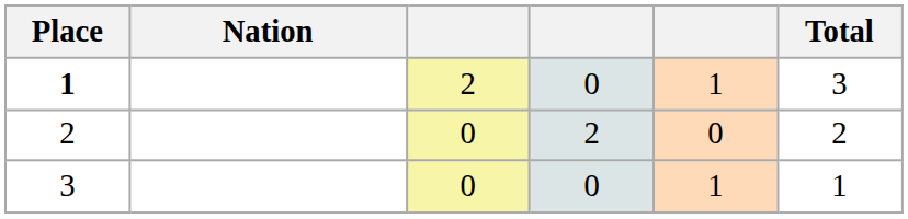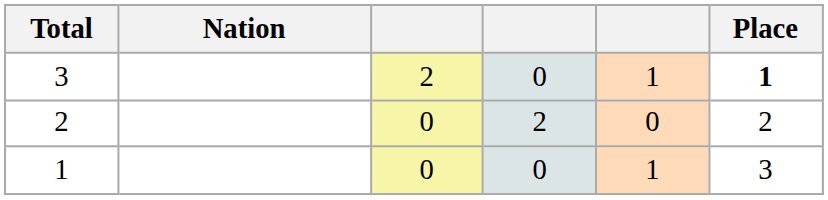 <table class=wikitable style="border:1px solid #AAAAAA;font-size:90%">
 <tr bgcolor="#EFEFEF">
-<th width=50>Place</th>
+<th width=50>Total</th>
 <th width=120>Nation</th>
 <th width=50></th>
 <th width=50></th>
 <th width=50></th>
-<th width=50>Total</th>
+<th width=50>Place</th>
 </tr>
 <tr align="center" valign="top" bgcolor="#FFFFFF">
-<td><strong>1</strong></td>
+<td>3</td>
 <td align="left"><strong></strong></td>
 <td style="background:#F7F6A8;">2</td>
 <td style="background:#DCE5E5;">0</td>
 <td style="background:#FFDAB9;">1</td>
-<td>3</td>
+<td><strong>1</strong></td>
 </tr>
 <tr align="center" valign="top" bgcolor="#FFFFFF">
 <td>2</td>
 <td align="left"></td>
 <td style="background:#F7F6A8;">0</td>
 <td style="background:#DCE5E5;">2</td>
 <td style="background:#FFDAB9;">0</td>
 <td>2</td>
 </tr>
 <tr align="center" valign="top" bgcolor="#FFFFFF">
-<td>3</td>
+<td>1</td>
 <td align="left"></td>
 <td style="background:#F7F6A8;">0</td>
 <td style="background:#DCE5E5;">0</td>
 <td style="background:#FFDAB9;">1</td>
-<td>1</td>
+<td>3</td>
 </tr>
 </table>
